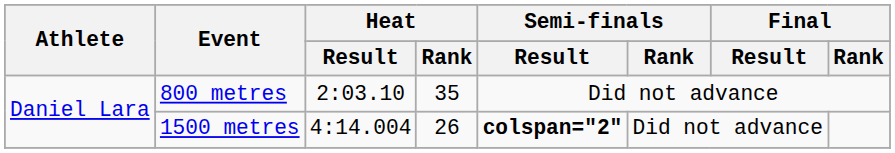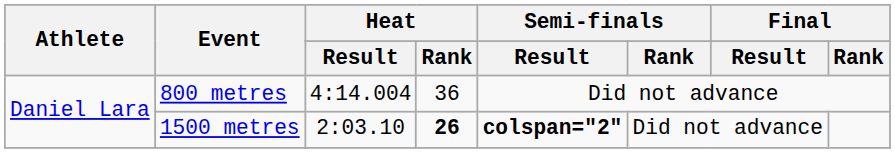 <table class="wikitable" style="font-size:90%; text-align:center">
 <tr>
 <th rowspan="2">Athlete</th>
 <th rowspan="2">Event</th>
 <th colspan="2">Heat</th>
 <th colspan="2">Semi-finals</th>
 <th colspan="2">Final</th>
 </tr>
 <tr>
 <th>Result</th>
 <th>Rank</th>
 <th>Result</th>
 <th>Rank</th>
 <th>Result</th>
 <th>Rank</th>
 </tr>
 <tr>
 <td align="left"  rowspan="2"><a href='#'>Daniel Lara</a></td>
 <td align="left"><a href='#'>800 metres</a></td>
-<td>2:03.10</td>
-<td>35</td>
+<td>4:14.004</td>
+<td>36</td>
 <td colspan="4">Did not advance</td>
 </tr>
 <tr>
 <td align="left"><a href='#'>1500 metres</a></td>
-<td>4:14.004</td>
-<td>26</td>
+<td>2:03.10</td>
+<td><strong>26</strong></td>
 <td><strong>colspan="2" </strong></td>
 <td colspan="2">Did not advance</td>
 </tr>
 </table>
